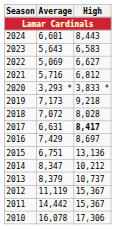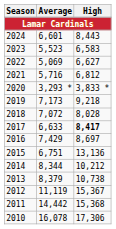 <table class="wikitable">
 <tr>
 <th>Season</th>
 <th>Average</th>
 <th>High</th>
 </tr>
 <tr>
 </tr>
 <tr>
 <td align="center" Colspan="3" style="background:#CC2233; color:white; text-shadow:1px 1px 2px #DE7008"><span><strong>Lamar Cardinals</strong></span></td>
 </tr>
 <tr>
 <td>2024</td>
 <td>6,601</td>
 <td>8,443</td>
 </tr>
 <tr>
 <td>2023</td>
-<td>5,643</td>
+<td>5,523</td>
 <td>6,583</td>
 </tr>
 <tr>
 <td>2022</td>
 <td>5,069</td>
 <td>6,627</td>
 </tr>
 <tr>
 <td>2021</td>
 <td>5,716</td>
 <td>6,812</td>
 </tr>
 <tr>
 <td>2020</td>
 <td>3,293 *</td>
 <td>3,833 *</td>
 </tr>
 <tr>
 <td>2019</td>
 <td>7,173</td>
 <td>9,218</td>
 </tr>
 <tr>
 <td>2018</td>
 <td>7,072</td>
 <td>8,028</td>
 </tr>
 <tr>
 <td>2017</td>
-<td>6,631</td>
+<td>6,633</td>
 <td><strong>8,417</strong></td>
 </tr>
 <tr>
 <td>2016</td>
 <td>7,429</td>
 <td>8,697</td>
 </tr>
 <tr>
 <td>2015</td>
 <td>6,751</td>
 <td>13,136</td>
 </tr>
 <tr>
 <td>2014</td>
-<td>8,347</td>
+<td>8,344</td>
 <td>10,212</td>
 </tr>
 <tr>
 <td>2013</td>
 <td>8,379</td>
-<td>10,737</td>
+<td>10,738</td>
 </tr>
 <tr>
 <td>2012</td>
 <td>11,119</td>
 <td>15,367</td>
 </tr>
 <tr>
 <td>2011</td>
 <td>14,442</td>
-<td>15,367</td>
+<td>15,368</td>
 </tr>
 <tr>
 <td>2010</td>
 <td>16,078</td>
 <td>17,306</td>
 </tr>
 </table>
